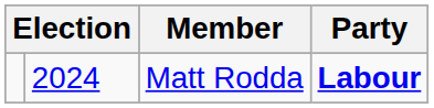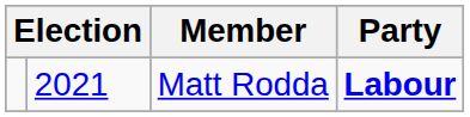 <table class="wikitable">
 <tr>
 <th colspan="2">Election</th>
 <th>Member</th>
 <th>Party</th>
 </tr>
 <tr>
 <td style="color:inherit;background-color: "></td>
-<td><a href='#'>2024</a></td>
+<td><a href='#'>2021</a></td>
 <td><a href='#'>Matt Rodda</a></td>
 <td><strong><a href='#'>Labour</a></strong></td>
 </tr>
 </table>
